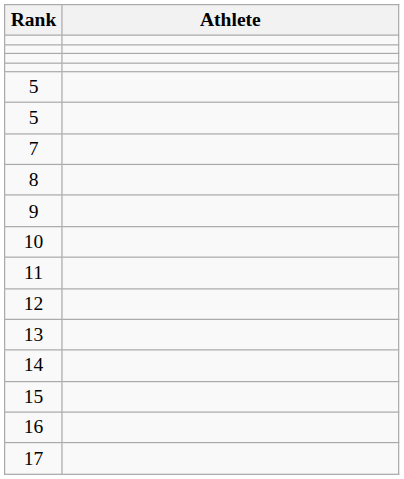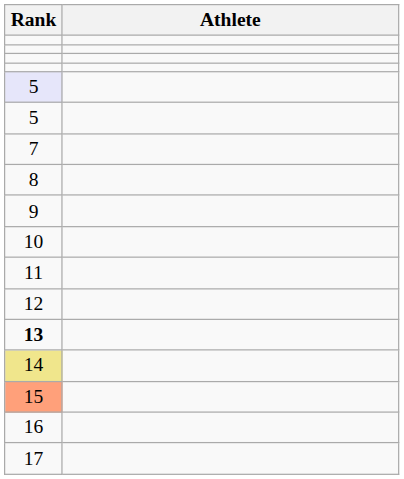 <table class="wikitable" style="text-align: center;">
 <tr>
 <th width=40>Rank</th>
 <th width=268>Athlete</th>
 </tr>
 <tr>
 <td></td>
 <td align="left"></td>
 </tr>
 <tr>
 <td></td>
 <td align="left"></td>
 </tr>
 <tr>
 <td></td>
 <td align="left"></td>
 </tr>
 <tr>
 <td></td>
 <td align="left"></td>
 </tr>
 <tr>
-<td>5</td>
+<td style="background: lavender;">5</td>
 <td align="left"></td>
 </tr>
 <tr>
 <td>5</td>
 <td align="left"></td>
 </tr>
 <tr>
 <td>7</td>
 <td align="left"></td>
 </tr>
 <tr>
 <td>8</td>
 <td align="left"></td>
 </tr>
 <tr>
 <td>9</td>
 <td align="left"></td>
 </tr>
 <tr>
 <td>10</td>
 <td align="left"></td>
 </tr>
 <tr>
 <td>11</td>
 <td align="left"></td>
 </tr>
 <tr>
 <td>12</td>
 <td align="left"></td>
 </tr>
 <tr>
-<td>13</td>
+<td><strong>13</strong></td>
 <td align="left"></td>
 </tr>
 <tr>
-<td>14</td>
+<td style="background: khaki;">14</td>
 <td align="left"></td>
 </tr>
 <tr>
-<td>15</td>
+<td style="background: lightsalmon;">15</td>
 <td align="left"></td>
 </tr>
 <tr>
 <td>16</td>
 <td align="left"></td>
 </tr>
 <tr>
 <td>17</td>
 <td align="left"></td>
 </tr>
 </table>
